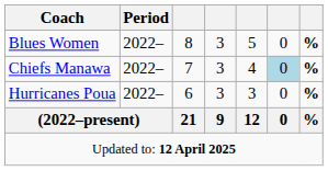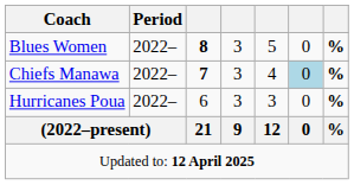 <table class="wikitable" style="text-align: center;">
 <tr>
 <th>Coach</th>
 <th>Period</th>
 <th style="width:1.5em;"></th>
 <th style="width:1.5em;"></th>
 <th style="width:1.5em;"></th>
 <th style="width:1.5em;"></th>
 <th></th>
 </tr>
 <tr>
 <td align=left> <a href='#'>Blues Women</a></td>
 <td align=left>2022–</td>
-<td>8</td>
+<td><strong>8</strong></td>
 <td>3</td>
 <td>5</td>
 <td>0</td>
 <td><strong>%</strong></td>
 </tr>
 <tr>
 <td align=left> <a href='#'>Chiefs Manawa</a></td>
 <td align=left>2022–</td>
-<td>7</td>
+<td><strong>7</strong></td>
 <td>3</td>
 <td>4</td>
 <td style="background: lightblue;">0</td>
 <td><strong>%</strong></td>
 </tr>
 <tr>
 <td align=left> <a href='#'>Hurricanes Poua</a></td>
 <td align=left>2022–</td>
 <td>6</td>
 <td>3</td>
 <td>3</td>
 <td>0</td>
 <td><strong>%</strong></td>
 </tr>
 <tr>
 <th colspan=2>(2022–present)</th>
 <th>21</th>
 <th>9</th>
 <th>12</th>
 <th>0</th>
 <th><strong>%</strong></th>
 </tr>
 <tr align=center>
 <td colspan=7 style="border-bottom:1px transparent; line-height:150%;"><small>Updated to: <strong>12 April 2025</strong></small></td>
 </tr>
 </table>
